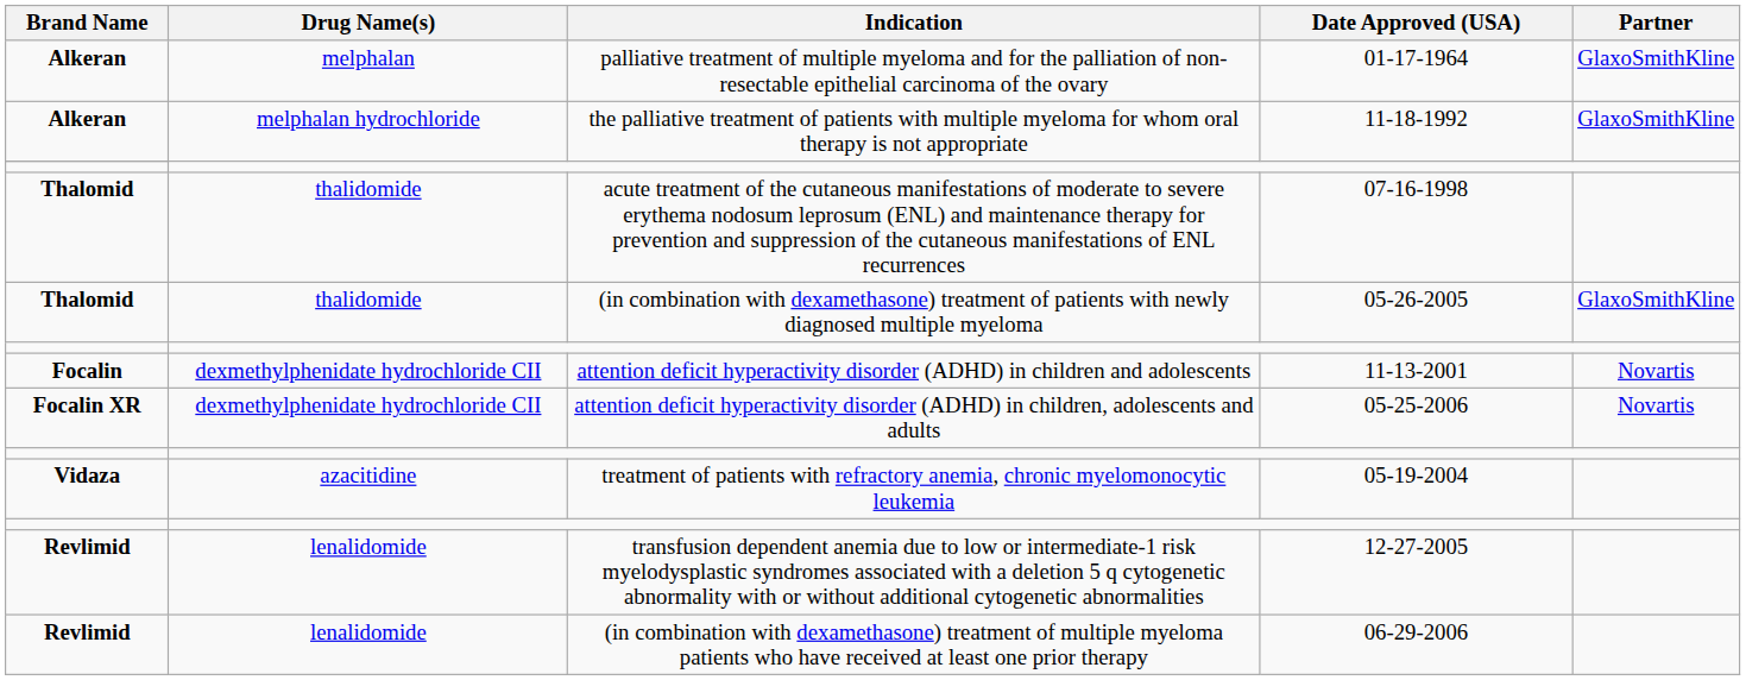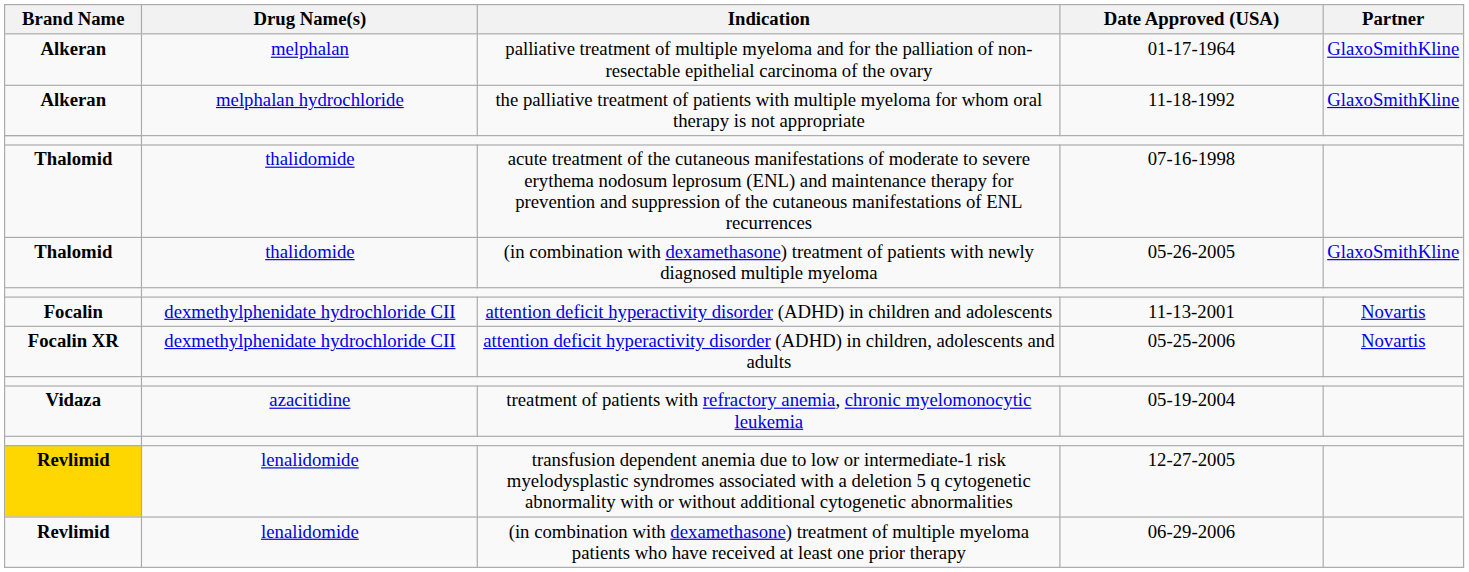 <table class="wikitable" style="text-align:center">
 <tr valign="bottom">
 <th width="10%">Brand Name</th>
 <th width="25%">Drug Name(s)</th>
 <th width="45%">Indication</th>
 <th width="25%">Date Approved (USA)</th>
 <th width="15%">Partner</th>
 </tr>
 <tr valign="top">
 <td><strong>Alkeran</strong></td>
 <td><a href='#'>melphalan</a></td>
 <td>palliative treatment of multiple myeloma and for the palliation of non-resectable epithelial carcinoma of the ovary</td>
 <td>01-17-1964</td>
 <td><a href='#'>GlaxoSmithKline</a></td>
 </tr>
 <tr valign="top">
 <td><strong>Alkeran</strong></td>
 <td><a href='#'>melphalan hydrochloride</a></td>
 <td>the palliative treatment of patients with multiple myeloma for whom oral therapy is not appropriate</td>
 <td>11-18-1992</td>
 <td><a href='#'>GlaxoSmithKline</a></td>
 </tr>
 <tr valign="top">
 </tr>
 <tr valign="top">
 <td></td>
 </tr>
 <tr valign="top">
 <td><strong>Thalomid</strong></td>
 <td><a href='#'>thalidomide</a></td>
 <td>acute treatment of the cutaneous manifestations of moderate to severe erythema nodosum leprosum (ENL) and maintenance therapy for prevention and suppression of the cutaneous manifestations of ENL recurrences</td>
 <td>07-16-1998</td>
 <td> </td>
 </tr>
 <tr valign="top">
 <td><strong>Thalomid</strong></td>
 <td><a href='#'>thalidomide</a></td>
 <td>(in combination with <a href='#'>dexamethasone</a>) treatment of patients with newly diagnosed multiple myeloma</td>
 <td>05-26-2005</td>
 <td><a href='#'>GlaxoSmithKline</a></td>
 </tr>
 <tr valign="top">
 <td></td>
 </tr>
 <tr valign="top">
 <td><strong>Focalin</strong></td>
 <td><a href='#'>dexmethylphenidate hydrochloride CII</a></td>
 <td><a href='#'>attention deficit hyperactivity disorder</a> (ADHD) in children and adolescents</td>
 <td>11-13-2001</td>
 <td><a href='#'>Novartis</a></td>
 </tr>
 <tr valign="top">
 <td><strong>Focalin XR</strong></td>
 <td><a href='#'>dexmethylphenidate hydrochloride CII</a></td>
 <td><a href='#'>attention deficit hyperactivity disorder</a> (ADHD) in children, adolescents and adults</td>
 <td>05-25-2006</td>
 <td><a href='#'>Novartis</a></td>
 </tr>
 <tr valign="top">
 <td></td>
 </tr>
 <tr valign="top">
 <td><strong>Vidaza</strong></td>
 <td><a href='#'>azacitidine</a></td>
 <td>treatment of patients with <a href='#'>refractory anemia</a>, <a href='#'>chronic myelomonocytic leukemia</a></td>
 <td>05-19-2004</td>
 <td> </td>
 </tr>
 <tr valign="top">
 <td></td>
 </tr>
 <tr valign="top">
-<td><strong>Revlimid</strong></td>
+<td style="background: gold;"><strong>Revlimid</strong></td>
 <td><a href='#'>lenalidomide</a></td>
 <td>transfusion dependent anemia due to low or intermediate-1 risk myelodysplastic syndromes associated with a deletion 5 q cytogenetic abnormality with or without additional cytogenetic abnormalities</td>
 <td>12-27-2005</td>
 <td> </td>
 </tr>
 <tr valign="top">
 <td><strong>Revlimid</strong></td>
 <td><a href='#'>lenalidomide</a></td>
 <td>(in combination with <a href='#'>dexamethasone</a>) treatment of multiple myeloma patients who have received at least one prior therapy</td>
 <td>06-29-2006</td>
 <td> </td>
 </tr>
 </table>
